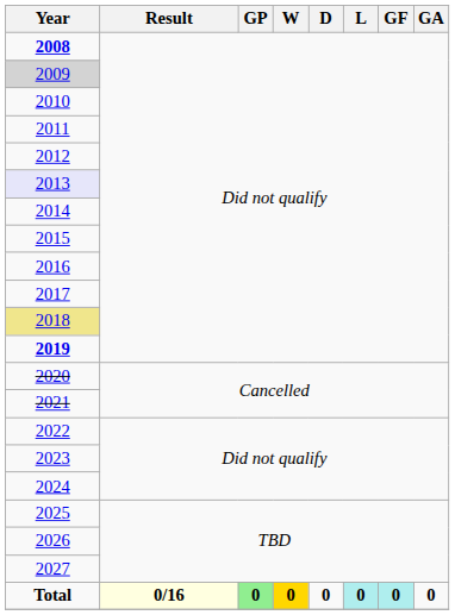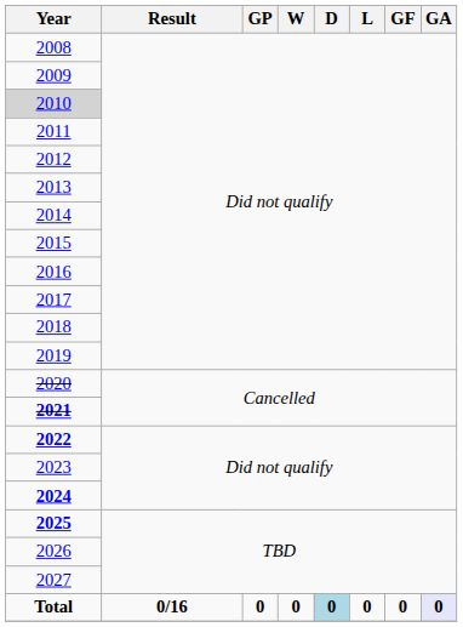 <table class="wikitable" style="text-align: center;">
 <tr>
 <th width=80>Year</th>
 <th width=120>Result</th>
 <th width=25>GP</th>
 <th width=25>W</th>
 <th width=25>D</th>
 <th width=25>L</th>
 <th width=25>GF</th>
 <th width=25>GA</th>
 </tr>
 <tr>
-<td><strong> <a href='#'>2008</a></strong></td>
+<td> <a href='#'>2008</a></td>
 <td colspan=8 rowspan=12><em>Did not qualify</em></td>
 </tr>
 <tr>
-<td style="background: lightgrey;"> <a href='#'>2009</a></td>
+<td> <a href='#'>2009</a></td>
 </tr>
 <tr>
-<td> <a href='#'>2010</a></td>
+<td style="background: lightgrey;"> <a href='#'>2010</a></td>
 </tr>
 <tr>
 <td> <a href='#'>2011</a></td>
 </tr>
 <tr>
 <td> <a href='#'>2012</a></td>
 </tr>
 <tr>
-<td style="background: lavender;"> <a href='#'>2013</a></td>
+<td> <a href='#'>2013</a></td>
 </tr>
 <tr>
 <td> <a href='#'>2014</a></td>
 </tr>
 <tr>
 <td> <a href='#'>2015</a></td>
 </tr>
 <tr>
 <td> <a href='#'>2016</a></td>
 </tr>
 <tr>
 <td> <a href='#'>2017</a></td>
 </tr>
 <tr>
-<td style="background: khaki;"> <a href='#'>2018</a></td>
+<td> <a href='#'>2018</a></td>
 </tr>
 <tr>
-<td><strong> <a href='#'>2019</a></strong></td>
+<td> <a href='#'>2019</a></td>
 </tr>
 <tr>
 <td> <s><a href='#'>2020</a></s></td>
 <td colspan=8 rowspan=2><em>Cancelled</em></td>
 </tr>
 <tr>
-<td> <s><a href='#'>2021</a></s></td>
+<td><strong> <s><a href='#'>2021</a></s></strong></td>
 </tr>
 <tr>
-<td> <a href='#'>2022</a></td>
+<td><strong> <a href='#'>2022</a></strong></td>
 <td colspan=8 rowspan=3><em>Did not qualify</em></td>
 </tr>
 <tr>
 <td> <a href='#'>2023</a></td>
 </tr>
 <tr>
-<td> <a href='#'>2024</a></td>
+<td><strong> <a href='#'>2024</a></strong></td>
 </tr>
 <tr>
-<td> <a href='#'>2025</a></td>
+<td><strong> <a href='#'>2025</a></strong></td>
 <td colspan=8 rowspan=3><em>TBD</em></td>
 </tr>
 <tr>
 <td> <a href='#'>2026</a></td>
 </tr>
 <tr>
 <td> <a href='#'>2027</a></td>
 </tr>
 <tr>
 <td><strong>Total</strong></td>
-<td style="background: lightyellow;"><strong>0/16</strong></td>
-<td style="background: lightgreen;"><strong>0</strong></td>
-<td style="background: gold;"><strong>0</strong></td>
+<td><strong>0/16</strong></td>
 <td><strong>0</strong></td>
-<td style="background: paleturquoise;"><strong>0</strong></td>
-<td style="background: paleturquoise;"><strong>0</strong></td>
 <td><strong>0</strong></td>
+<td style="background: lightblue;"><strong>0</strong></td>
+<td><strong>0</strong></td>
+<td><strong>0</strong></td>
+<td style="background: lavender;"><strong>0</strong></td>
 </tr>
 <tr>
 </tr>
 </table>
